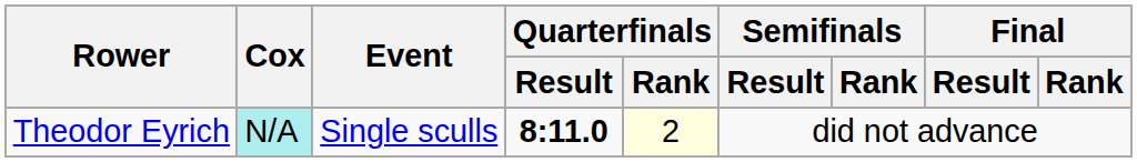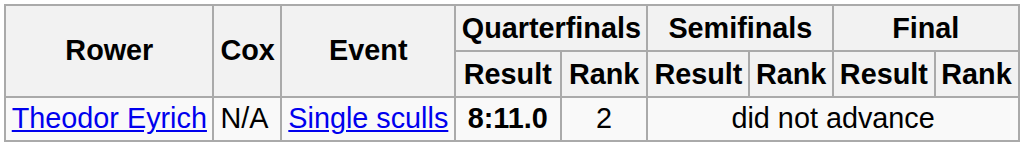 <table class=wikitable style="font-size:90%">
 <tr>
 <th rowspan=2>Rower</th>
 <th rowspan=2>Cox</th>
 <th rowspan=2>Event</th>
 <th colspan=2>Quarterfinals</th>
 <th colspan=2>Semifinals</th>
 <th colspan=2>Final</th>
 </tr>
 <tr>
 <th>Result</th>
 <th>Rank</th>
 <th>Result</th>
 <th>Rank</th>
 <th>Result</th>
 <th>Rank</th>
 </tr>
 <tr>
 <td><a href='#'>Theodor Eyrich</a></td>
-<td style="background: paleturquoise;">N/A</td>
+<td>N/A</td>
 <td><a href='#'>Single sculls</a></td>
 <td align=center><strong>8:11.0</strong></td>
-<td align=center style="background: lightyellow;">2</td>
+<td align=center>2</td>
 <td align=center colspan=4>did not advance</td>
 </tr>
 </table>
